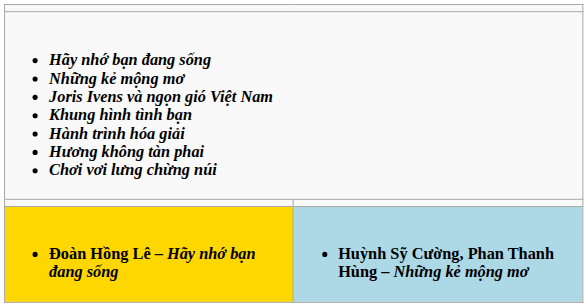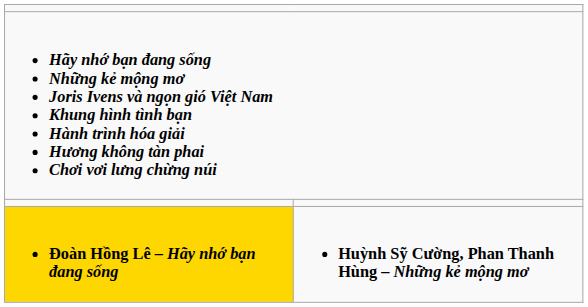 <table class="wikitable" align="center" style="width:91%">
 <tr>
 <td colspan="2" style="vertical-align:top; width:100%;"></td>
 </tr>
 <tr>
 <td colspan="2" valign="top"><br><ul><li><strong><em><span>Hãy nhớ bạn đang sống</span></em></strong> </li><li><strong><em><span>Những kẻ mộng mơ </span></em></strong> </li><li><strong><em><span>Joris Ivens và ngọn gió Việt Nam</span></em></strong> </li><li><strong><em><span>Khung hình tình bạn</span></em></strong> </li><li><strong><em><span>Hành trình hóa giải</span></em></strong></li><li><strong><em><span>Hương không tàn phai</span></em></strong></li><li><strong><em><span>Chơi vơi lưng chừng núi</span></em></strong></li></ul></td>
 </tr>
 <tr>
 <td style="vertical-align:top; width:50%;"></td>
 <td style="vertical-align:top; width:50%;"></td>
 </tr>
 <tr>
 <td valign="top" style="background: gold;"><br><ul><li><strong>Đoàn Hồng Lê – <em>Hãy nhớ bạn đang sống</em> </strong></li></ul></td>
-<td valign="top" style="background: lightblue;"><br><ul><li><strong>Huỳnh Sỹ Cường, Phan Thanh Hùng – <em>Những kẻ mộng mơ</em> </strong></li></ul></td>
+<td valign="top"><br><ul><li><strong>Huỳnh Sỹ Cường, Phan Thanh Hùng – <em>Những kẻ mộng mơ</em> </strong></li></ul></td>
 </tr>
 </table>
